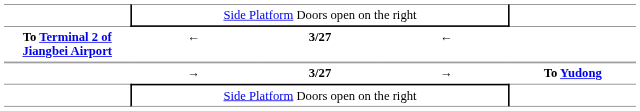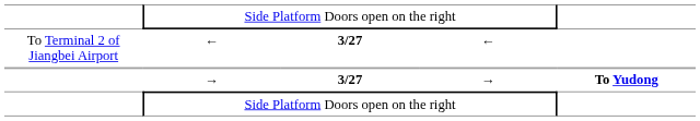 <table table border=0 cellspacing=0 cellpadding=4>
 <tr>
 <td style="border-top:solid 1px gray;border-bottom:solid 1px gray;" width=120 valign=top align=center></td>
 <td style="border-top:solid 1px gray;border-right:solid 2px black;border-left:solid 2px black;border-bottom:solid 2px black;" colspan=3 align=center><a href='#'>Side Platform</a> Doors open on the right</td>
 <td style="border-top:solid 1px gray;border-bottom:solid 1px gray;" width=120 valign=top align=center></td>
 </tr>
 <tr>
-<td style="border-bottom:solid 1px gray;" width=152 valign=top align=center><strong>To  <a href='#'>Terminal 2 of Jiangbei Airport</a></strong></td>
+<td style="border-bottom:solid 1px gray;" width=152 valign=top align=center>To  <a href='#'>Terminal 2 of Jiangbei Airport</a></td>
 <td style="border-bottom:solid 1px gray;" width=152 valign=top align=center>←</td>
 <th style="border-bottom:solid 1px gray;" width=152 valign=top align=center><span>3/27</span><br></th>
 <td style="border-bottom:solid 1px gray;" width=152 valign=top align=center>←</td>
 <td style="border-bottom:solid 1px gray;" width=152 valign=top align=center></td>
 </tr>
 <tr>
 <td style="border-top:solid 1px gray;" valign=top align=center></td>
 <td style="border-top:solid 1px gray;" valign=top align=center>→</td>
 <th style="border-top:solid 1px gray;" valign=top align=center><span>3/27</span><br></th>
 <td style="border-top:solid 1px gray;" valign=top align=center>→</td>
 <td style="border-top:solid 1px gray;" valign=top align=center><strong>To  <a href='#'>Yudong</a></strong></td>
 </tr>
 <tr>
 <td style="border-top:solid 1px gray;border-bottom:solid 1px gray;" valign=top align=center></td>
 <td style="border-top:solid 2px black;border-right:solid 2px black;border-left:solid 2px black;border-bottom:solid 1px gray;" colspan=3 align=center><a href='#'>Side Platform</a> Doors open on the right</td>
 <td style="border-top:solid 1px gray;border-bottom:solid 1px gray;" valign=top align=center></td>
 </tr>
 </table>
